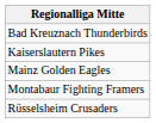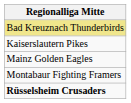 <table class="wikitable">
 <tr>
 <th>Regionalliga Mitte</th>
 </tr>
 <tr>
-<td>Bad Kreuznach Thunderbirds</td>
+<td style="background: khaki;">Bad Kreuznach Thunderbirds</td>
 </tr>
 <tr>
 <td>Kaiserslautern Pikes</td>
 </tr>
 <tr>
 <td>Mainz Golden Eagles</td>
 </tr>
 <tr>
 <td>Montabaur Fighting Framers</td>
 </tr>
 <tr>
-<td>Rüsselsheim Crusaders</td>
+<td><strong>Rüsselsheim Crusaders</strong></td>
 </tr>
 </table>
